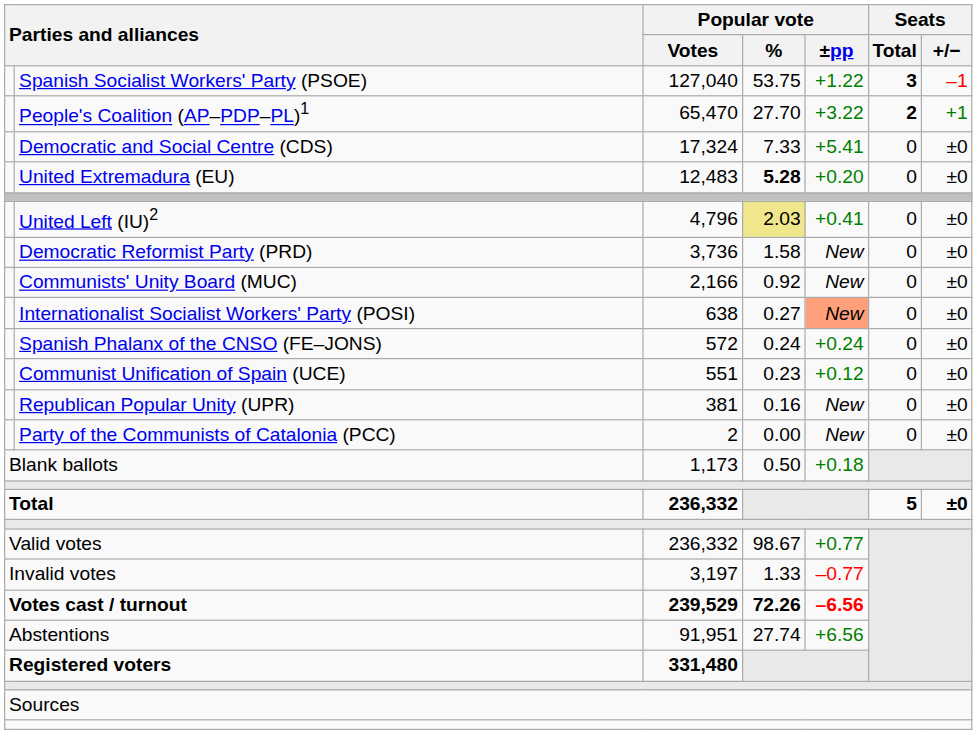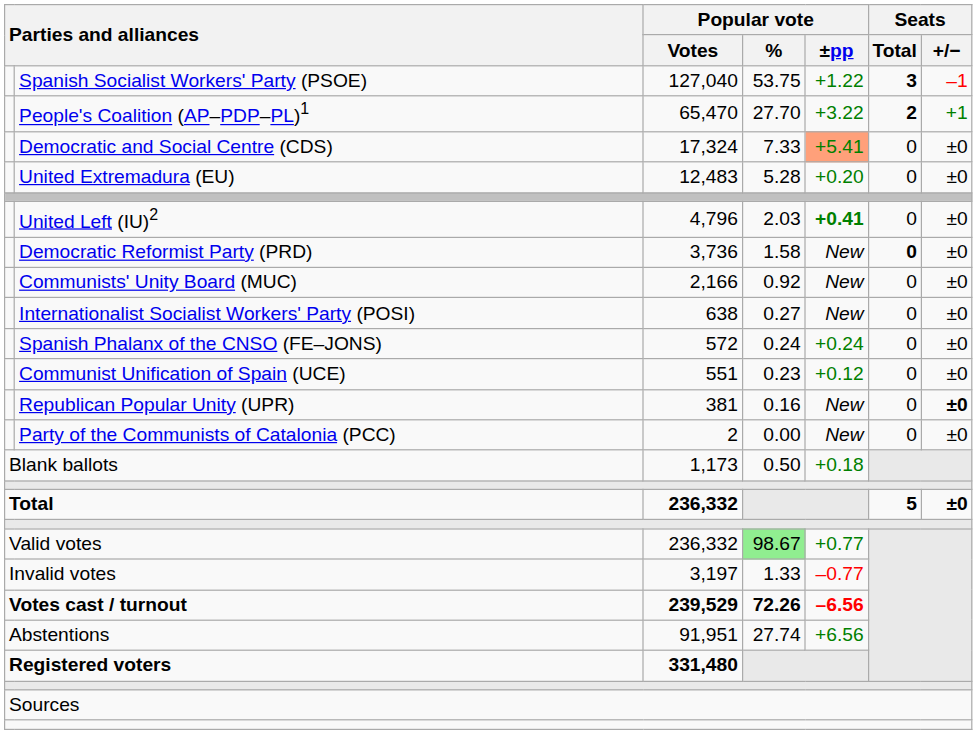 <table class="wikitable" style="text-align:right;">
 <tr>
 <th style="text-align:left;" rowspan="2" colspan="2" width="525">Parties and alliances</th>
 <th colspan="3">Popular vote</th>
 <th colspan="2">Seats</th>
 </tr>
 <tr>
 <th width="75">Votes</th>
 <th width="45">%</th>
 <th width="45">±<a href='#'>pp</a></th>
 <th width="35">Total</th>
 <th width="35">+/−</th>
 </tr>
 <tr>
 <td width="1" style="color:inherit;background:"></td>
 <td align="left"><a href='#'>Spanish Socialist Workers' Party</a> (PSOE)</td>
 <td>127,040</td>
 <td>53.75</td>
 <td style="color:green;">+1.22</td>
 <td><strong>3</strong></td>
 <td style="color:red;">–1</td>
 </tr>
 <tr>
 <td style="color:inherit;background:"></td>
 <td align="left"><a href='#'>People's Coalition</a> (<a href='#'>AP</a>–<a href='#'>PDP</a>–<a href='#'>PL</a>)<sup>1</sup></td>
 <td>65,470</td>
 <td>27.70</td>
 <td style="color:green;">+3.22</td>
 <td><strong>2</strong></td>
 <td style="color:green;">+1</td>
 </tr>
 <tr>
 <td style="color:inherit;background:"></td>
 <td align="left"><a href='#'>Democratic and Social Centre</a> (CDS)</td>
 <td>17,324</td>
 <td>7.33</td>
-<td style="color:green;">+5.41</td>
+<td style="background: lightsalmon; color:green;">+5.41</td>
 <td>0</td>
 <td>±0</td>
 </tr>
 <tr>
 <td style="color:inherit;background:"></td>
 <td align="left"><a href='#'>United Extremadura</a> (EU)</td>
 <td>12,483</td>
-<td><strong>5.28</strong></td>
+<td>5.28</td>
 <td style="color:green;">+0.20</td>
 <td>0</td>
 <td>±0</td>
 </tr>
 <tr>
 <td colspan="7" bgcolor="#C0C0C0"></td>
 </tr>
 <tr>
 <td style="color:inherit;background:"></td>
 <td align="left"><a href='#'>United Left</a> (IU)<sup>2</sup></td>
 <td>4,796</td>
-<td style="background: khaki;">2.03</td>
-<td style="color:green;">+0.41</td>
+<td>2.03</td>
+<td style="color:green;"><strong>+0.41</strong></td>
 <td>0</td>
 <td>±0</td>
 </tr>
 <tr>
 <td style="color:inherit;background:"></td>
 <td align="left"><a href='#'>Democratic Reformist Party</a> (PRD)</td>
 <td>3,736</td>
 <td>1.58</td>
 <td><em>New</em></td>
-<td>0</td>
+<td><strong>0</strong></td>
 <td>±0</td>
 </tr>
 <tr>
 <td style="color:inherit;background:"></td>
 <td align="left"><a href='#'>Communists' Unity Board</a> (MUC)</td>
 <td>2,166</td>
 <td>0.92</td>
 <td><em>New</em></td>
 <td>0</td>
 <td>±0</td>
 </tr>
 <tr>
 <td style="color:inherit;background:"></td>
 <td align="left"><a href='#'>Internationalist Socialist Workers' Party</a> (POSI)</td>
 <td>638</td>
 <td>0.27</td>
-<td style="background: lightsalmon;"><em>New</em></td>
+<td><em>New</em></td>
 <td>0</td>
 <td>±0</td>
 </tr>
 <tr>
 <td style="color:inherit;background:"></td>
 <td align="left"><a href='#'>Spanish Phalanx of the CNSO</a> (FE–JONS)</td>
 <td>572</td>
 <td>0.24</td>
 <td style="color:green;">+0.24</td>
 <td>0</td>
 <td>±0</td>
 </tr>
 <tr>
 <td style="color:inherit;background:"></td>
 <td align="left"><a href='#'>Communist Unification of Spain</a> (UCE)</td>
 <td>551</td>
 <td>0.23</td>
 <td style="color:green;">+0.12</td>
 <td>0</td>
 <td>±0</td>
 </tr>
 <tr>
 <td style="color:inherit;background:"></td>
 <td align="left"><a href='#'>Republican Popular Unity</a> (UPR)</td>
 <td>381</td>
 <td>0.16</td>
 <td><em>New</em></td>
 <td>0</td>
-<td>±0</td>
+<td><strong>±0</strong></td>
 </tr>
 <tr>
 <td style="color:inherit;background:"></td>
 <td align="left"><a href='#'>Party of the Communists of Catalonia</a> (PCC)</td>
 <td>2</td>
 <td>0.00</td>
 <td><em>New</em></td>
 <td>0</td>
 <td>±0</td>
 </tr>
 <tr>
 <td align="left" colspan="2">Blank ballots</td>
 <td>1,173</td>
 <td>0.50</td>
 <td style="color:green;">+0.18</td>
 <td bgcolor="#E9E9E9" colspan="2"></td>
 </tr>
 <tr>
 <td colspan="7" bgcolor="#E9E9E9"></td>
 </tr>
 <tr style="font-weight:bold;">
 <td align="left" colspan="2">Total</td>
 <td>236,332</td>
 <td bgcolor="#E9E9E9" colspan="2"></td>
 <td>5</td>
 <td>±0</td>
 </tr>
 <tr>
 <td colspan="7" bgcolor="#E9E9E9"></td>
 </tr>
 <tr>
 <td align="left" colspan="2">Valid votes</td>
 <td>236,332</td>
-<td>98.67</td>
+<td style="background: lightgreen;">98.67</td>
 <td style="color:green;">+0.77</td>
 <td bgcolor="#E9E9E9" colspan="2" rowspan="5"></td>
 </tr>
 <tr>
 <td align="left" colspan="2">Invalid votes</td>
 <td>3,197</td>
 <td>1.33</td>
 <td style="color:red;">–0.77</td>
 </tr>
 <tr style="font-weight:bold;">
 <td align="left" colspan="2">Votes cast / turnout</td>
 <td>239,529</td>
 <td>72.26</td>
 <td style="color:red;">–6.56</td>
 </tr>
 <tr>
 <td align="left" colspan="2">Abstentions</td>
 <td>91,951</td>
 <td>27.74</td>
 <td style="color:green;">+6.56</td>
 </tr>
 <tr style="font-weight:bold;">
 <td align="left" colspan="2">Registered voters</td>
 <td>331,480</td>
 <td bgcolor="#E9E9E9" colspan="2"></td>
 </tr>
 <tr>
 <td colspan="7" bgcolor="#E9E9E9"></td>
 </tr>
 <tr>
 <td align="left" colspan="7">Sources</td>
 </tr>
 <tr>
 <td colspan="7" style="text-align:left; max-width:790px;"></td>
 </tr>
 </table>
